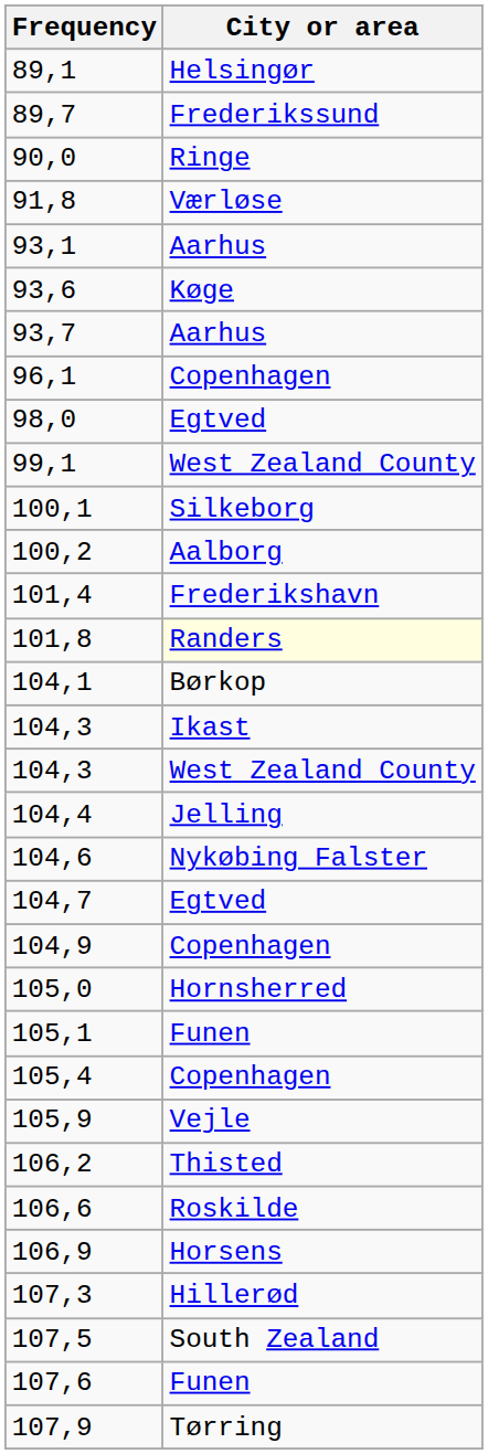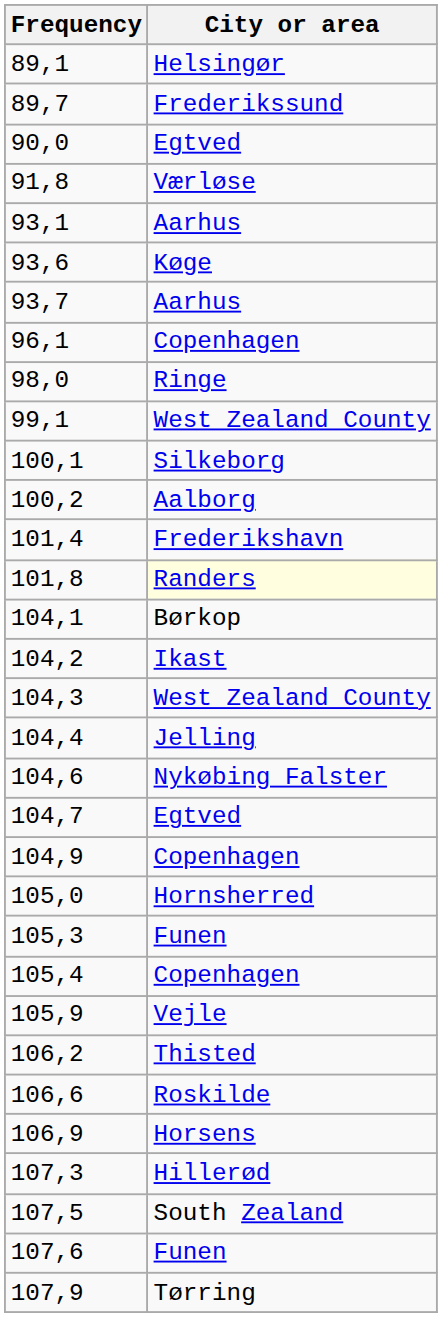 <table class="wikitable sortable">
 <tr>
 <th>Frequency</th>
 <th>City or area</th>
 </tr>
 <tr>
 <td>89,1</td>
 <td><a href='#'>Helsingør</a></td>
 </tr>
 <tr>
 <td>89,7</td>
 <td><a href='#'>Frederikssund</a></td>
 </tr>
 <tr>
 <td>90,0</td>
-<td><a href='#'>Ringe</a></td>
+<td><a href='#'>Egtved</a></td>
 </tr>
 <tr>
 <td>91,8</td>
 <td><a href='#'>Værløse</a></td>
 </tr>
 <tr>
 <td>93,1</td>
 <td><a href='#'>Aarhus</a></td>
 </tr>
 <tr>
 <td>93,6</td>
 <td><a href='#'>Køge</a></td>
 </tr>
 <tr>
 <td>93,7</td>
 <td><a href='#'>Aarhus</a></td>
 </tr>
 <tr>
 <td>96,1</td>
 <td><a href='#'>Copenhagen</a></td>
 </tr>
 <tr>
 <td>98,0</td>
-<td><a href='#'>Egtved</a></td>
+<td><a href='#'>Ringe</a></td>
 </tr>
 <tr>
 <td>99,1</td>
 <td><a href='#'>West Zealand County</a></td>
 </tr>
 <tr>
 <td>100,1</td>
 <td><a href='#'>Silkeborg</a></td>
 </tr>
 <tr>
 <td>100,2</td>
 <td><a href='#'>Aalborg</a></td>
 </tr>
 <tr>
 <td>101,4</td>
 <td><a href='#'>Frederikshavn</a></td>
 </tr>
 <tr>
 <td>101,8</td>
 <td style="background: lightyellow;"><a href='#'>Randers</a></td>
 </tr>
 <tr>
 <td>104,1</td>
 <td>Børkop</td>
 </tr>
 <tr>
-<td>104,3</td>
+<td>104,2</td>
 <td><a href='#'>Ikast</a></td>
 </tr>
 <tr>
 <td>104,3</td>
 <td><a href='#'>West Zealand County</a></td>
 </tr>
 <tr>
 <td>104,4</td>
 <td><a href='#'>Jelling</a></td>
 </tr>
 <tr>
 <td>104,6</td>
 <td><a href='#'>Nykøbing Falster</a></td>
 </tr>
 <tr>
 <td>104,7</td>
 <td><a href='#'>Egtved</a></td>
 </tr>
 <tr>
 <td>104,9</td>
 <td><a href='#'>Copenhagen</a></td>
 </tr>
 <tr>
 <td>105,0</td>
 <td><a href='#'>Hornsherred</a></td>
 </tr>
 <tr>
-<td>105,1</td>
+<td>105,3</td>
 <td><a href='#'>Funen</a></td>
 </tr>
 <tr>
 <td>105,4</td>
 <td><a href='#'>Copenhagen</a></td>
 </tr>
 <tr>
 <td>105,9</td>
 <td><a href='#'>Vejle</a></td>
 </tr>
 <tr>
 <td>106,2</td>
 <td><a href='#'>Thisted</a></td>
 </tr>
 <tr>
 <td>106,6</td>
 <td><a href='#'>Roskilde</a></td>
 </tr>
 <tr>
 <td>106,9</td>
 <td><a href='#'>Horsens</a></td>
 </tr>
 <tr>
 <td>107,3</td>
 <td><a href='#'>Hillerød</a></td>
 </tr>
 <tr>
 <td>107,5</td>
 <td>South <a href='#'>Zealand</a></td>
 </tr>
 <tr>
 <td>107,6</td>
 <td><a href='#'>Funen</a></td>
 </tr>
 <tr>
 <td>107,9</td>
 <td>Tørring</td>
 </tr>
 </table>
